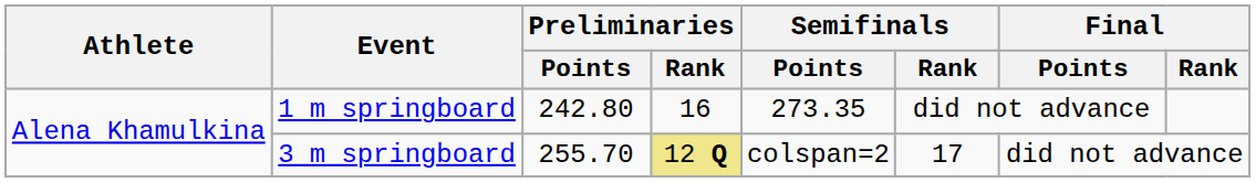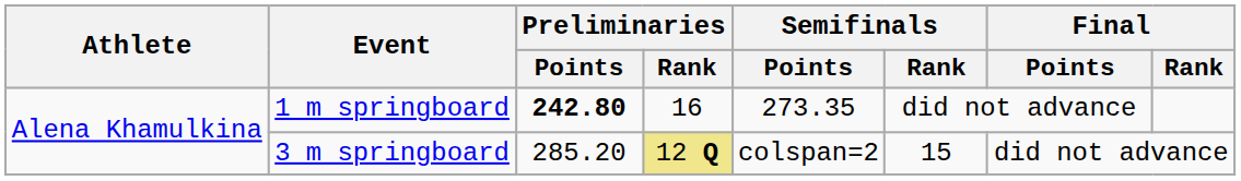 <table class=wikitable style="font-size:90%;">
 <tr>
 <th rowspan="2">Athlete</th>
 <th rowspan="2">Event</th>
 <th colspan="2">Preliminaries</th>
 <th colspan="2">Semifinals</th>
 <th colspan="2">Final</th>
 </tr>
 <tr style="font-size:95%">
 <th>Points</th>
 <th>Rank</th>
 <th>Points</th>
 <th>Rank</th>
 <th>Points</th>
 <th>Rank</th>
 </tr>
 <tr align=center>
 <td align=left rowspan=2><a href='#'>Alena Khamulkina</a></td>
 <td align=left><a href='#'>1 m springboard</a></td>
-<td>242.80</td>
+<td><strong>242.80</strong></td>
 <td>16</td>
 <td>273.35</td>
 <td colspan=2>did not advance</td>
 </tr>
 <tr align=center>
 <td align=left><a href='#'>3 m springboard</a></td>
-<td>255.70</td>
+<td>285.20</td>
 <td style="background: khaki;">12 <strong>Q</strong></td>
 <td>colspan=2 </td>
-<td>17</td>
+<td>15</td>
 <td colspan=2>did not advance</td>
 </tr>
 </table>
